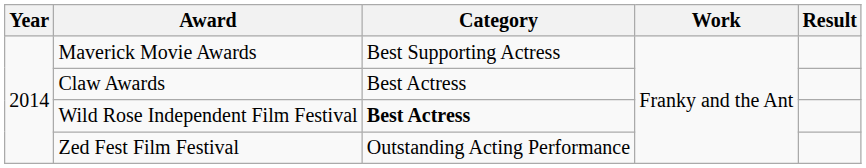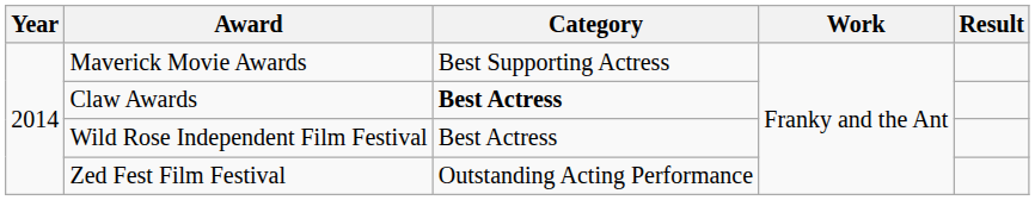 <table class="wikitable">
 <tr>
 <th>Year</th>
 <th>Award</th>
 <th>Category</th>
 <th>Work</th>
 <th>Result</th>
 </tr>
 <tr>
 <td rowspan="4">2014</td>
 <td>Maverick Movie Awards</td>
 <td>Best Supporting Actress</td>
 <td rowspan="4">Franky and the Ant</td>
 <td></td>
 </tr>
 <tr>
 <td>Claw Awards</td>
-<td>Best Actress</td>
+<td><strong>Best Actress</strong></td>
 <td></td>
 </tr>
 <tr>
 <td>Wild Rose Independent Film Festival</td>
-<td><strong>Best Actress</strong></td>
+<td>Best Actress</td>
 <td></td>
 </tr>
 <tr>
 <td>Zed Fest Film Festival</td>
 <td>Outstanding Acting Performance</td>
 <td></td>
 </tr>
 </table>
